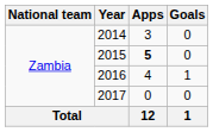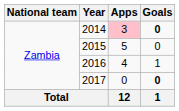 <table class="wikitable" style="text-align:center">
 <tr>
 <th>National team</th>
 <th>Year</th>
 <th>Apps</th>
 <th>Goals</th>
 </tr>
 <tr>
 <td rowspan="4"><a href='#'>Zambia</a></td>
 <td>2014</td>
-<td>3</td>
-<td>0</td>
+<td style="background: pink;">3</td>
+<td><strong>0</strong></td>
 </tr>
 <tr>
 <td>2015</td>
-<td><strong>5</strong></td>
+<td>5</td>
 <td>0</td>
 </tr>
 <tr>
 <td>2016</td>
 <td>4</td>
 <td>1</td>
 </tr>
 <tr>
 <td>2017</td>
 <td>0</td>
-<td>0</td>
+<td><strong>0</strong></td>
 </tr>
 <tr>
 <th colspan=2>Total</th>
 <th>12</th>
 <th>1</th>
 </tr>
 </table>
